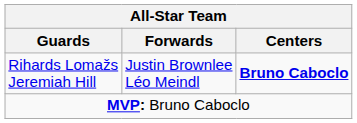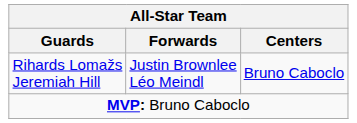 <table class=wikitable style="margin:auto">
 <tr>
 <th colspan=3 align=center>All-Star Team</th>
 </tr>
 <tr>
 <th>Guards</th>
 <th>Forwards</th>
 <th>Centers</th>
 </tr>
 <tr>
 <td> <a href='#'>Rihards Lomažs</a><br> <a href='#'>Jeremiah Hill</a></td>
 <td> <a href='#'>Justin Brownlee</a><br> <a href='#'>Léo Meindl</a></td>
-<td><strong> <a href='#'>Bruno Caboclo</a></strong></td>
+<td> <a href='#'>Bruno Caboclo</a></td>
 </tr>
 <tr>
 <td colspan=3 align=center><strong><a href='#'>MVP</a>:</strong>  Bruno Caboclo</td>
 </tr>
 </table>
